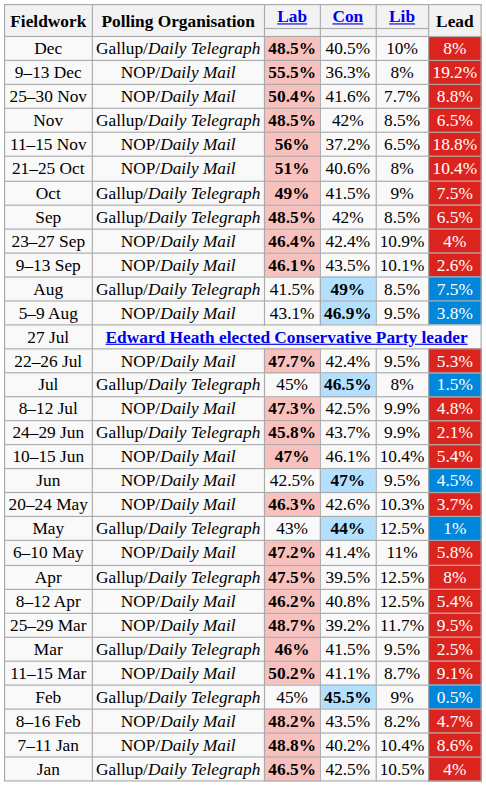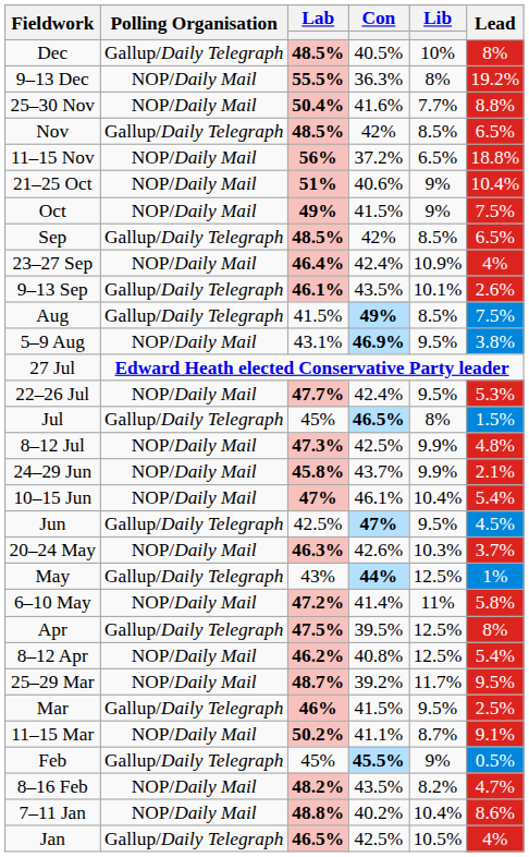 <table class="wikitable" style="text-align: center; line-height: 14px; font-size: 95%;">
 <tr>
 <th rowspan="2">Fieldwork</th>
 <th rowspan="2">Polling Organisation</th>
 <th><a href='#'>Lab</a></th>
 <th><a href='#'>Con</a></th>
 <th><a href='#'>Lib</a></th>
 <th class="unsortable" style="width:20px;" rowspan="2">Lead</th>
 </tr>
 <tr>
 <th style="background:"></th>
 <th style="background:"></th>
 <th style="background:"></th>
 </tr>
 <tr>
 <td>Dec</td>
 <td>Gallup/<em>Daily Telegraph</em></td>
 <td style="background:#F8C1BE"><strong>48.5%</strong></td>
 <td>40.5%</td>
 <td>10%</td>
 <td style="background:#DC241F; color:white;">8%</td>
 </tr>
 <tr>
 <td>9–13 Dec</td>
 <td>NOP/<em>Daily Mail</em></td>
 <td style="background:#F8C1BE"><strong>55.5%</strong></td>
 <td>36.3%</td>
 <td>8%</td>
 <td style="background:#DC241F; color:white;">19.2%</td>
 </tr>
 <tr>
 <td>25–30 Nov</td>
 <td>NOP/<em>Daily Mail</em></td>
 <td style="background:#F8C1BE"><strong>50.4%</strong></td>
 <td>41.6%</td>
 <td>7.7%</td>
 <td style="background:#DC241F; color:white;">8.8%</td>
 </tr>
 <tr>
 <td>Nov</td>
 <td>Gallup/<em>Daily Telegraph</em></td>
 <td style="background:#F8C1BE"><strong>48.5%</strong></td>
 <td>42%</td>
 <td>8.5%</td>
 <td style="background:#DC241F; color:white;">6.5%</td>
 </tr>
 <tr>
 <td>11–15 Nov</td>
 <td>NOP/<em>Daily Mail</em></td>
 <td style="background:#F8C1BE"><strong>56%</strong></td>
 <td>37.2%</td>
 <td>6.5%</td>
 <td style="background:#DC241F; color:white;">18.8%</td>
 </tr>
 <tr>
 <td>21–25 Oct</td>
 <td>NOP/<em>Daily Mail</em></td>
 <td style="background:#F8C1BE"><strong>51%</strong></td>
 <td>40.6%</td>
-<td>8%</td>
+<td>9%</td>
 <td style="background:#DC241F; color:white;">10.4%</td>
 </tr>
 <tr>
 <td>Oct</td>
-<td>Gallup/<em>Daily Telegraph</em></td>
+<td>NOP/<em>Daily Mail</em></td>
 <td style="background:#F8C1BE"><strong>49%</strong></td>
 <td>41.5%</td>
 <td>9%</td>
 <td style="background:#DC241F; color:white;">7.5%</td>
 </tr>
 <tr>
 <td>Sep</td>
 <td>Gallup/<em>Daily Telegraph</em></td>
 <td style="background:#F8C1BE"><strong>48.5%</strong></td>
 <td>42%</td>
 <td>8.5%</td>
 <td style="background:#DC241F; color:white;">6.5%</td>
 </tr>
 <tr>
 <td>23–27 Sep</td>
 <td>NOP/<em>Daily Mail</em></td>
 <td style="background:#F8C1BE"><strong>46.4%</strong></td>
 <td>42.4%</td>
 <td>10.9%</td>
 <td style="background:#DC241F; color:white;">4%</td>
 </tr>
 <tr>
 <td>9–13 Sep</td>
-<td>NOP/<em>Daily Mail</em></td>
+<td>Gallup/<em>Daily Telegraph</em></td>
 <td style="background:#F8C1BE"><strong>46.1%</strong></td>
 <td>43.5%</td>
 <td>10.1%</td>
 <td style="background:#DC241F; color:white;">2.6%</td>
 </tr>
 <tr>
 <td>Aug</td>
 <td>Gallup/<em>Daily Telegraph</em></td>
 <td>41.5%</td>
 <td style="background:#B3E0FF"><strong>49%</strong></td>
 <td>8.5%</td>
 <td style="background:#0087DC; color:white;">7.5%</td>
 </tr>
 <tr>
 <td>5–9 Aug</td>
 <td>NOP/<em>Daily Mail</em></td>
 <td>43.1%</td>
 <td style="background:#B3E0FF"><strong>46.9%</strong></td>
 <td>9.5%</td>
 <td style="background:#0087DC; color:white;">3.8%</td>
 </tr>
 <tr>
 <td>27 Jul</td>
 <td colspan="5"><strong><a href='#'>Edward Heath elected Conservative Party leader</a></strong></td>
 </tr>
 <tr>
 <td>22–26 Jul</td>
 <td>NOP/<em>Daily Mail</em></td>
 <td style="background:#F8C1BE"><strong>47.7%</strong></td>
 <td>42.4%</td>
 <td>9.5%</td>
 <td style="background:#DC241F; color:white;">5.3%</td>
 </tr>
 <tr>
 <td>Jul</td>
 <td>Gallup/<em>Daily Telegraph</em></td>
 <td>45%</td>
 <td style="background:#B3E0FF"><strong>46.5%</strong></td>
 <td>8%</td>
 <td style="background:#0087DC; color:white;">1.5%</td>
 </tr>
 <tr>
 <td>8–12 Jul</td>
 <td>NOP/<em>Daily Mail</em></td>
 <td style="background:#F8C1BE"><strong>47.3%</strong></td>
 <td>42.5%</td>
 <td>9.9%</td>
 <td style="background:#DC241F; color:white;">4.8%</td>
 </tr>
 <tr>
 <td>24–29 Jun</td>
-<td>Gallup/<em>Daily Telegraph</em></td>
+<td>NOP/<em>Daily Mail</em></td>
 <td style="background:#F8C1BE"><strong>45.8%</strong></td>
 <td>43.7%</td>
 <td>9.9%</td>
 <td style="background:#DC241F; color:white;">2.1%</td>
 </tr>
 <tr>
 <td>10–15 Jun</td>
 <td>NOP/<em>Daily Mail</em></td>
 <td style="background:#F8C1BE"><strong>47%</strong></td>
 <td>46.1%</td>
 <td>10.4%</td>
 <td style="background:#DC241F; color:white;">5.4%</td>
 </tr>
 <tr>
 <td>Jun</td>
-<td>NOP/<em>Daily Mail</em></td>
+<td>Gallup/<em>Daily Telegraph</em></td>
 <td>42.5%</td>
 <td style="background:#B3E0FF"><strong>47%</strong></td>
 <td>9.5%</td>
 <td style="background:#0087DC; color:white;">4.5%</td>
 </tr>
 <tr>
 <td>20–24 May</td>
 <td>NOP/<em>Daily Mail</em></td>
 <td style="background:#F8C1BE"><strong>46.3%</strong></td>
 <td>42.6%</td>
 <td>10.3%</td>
 <td style="background:#DC241F; color:white;">3.7%</td>
 </tr>
 <tr>
 <td>May</td>
 <td>Gallup/<em>Daily Telegraph</em></td>
 <td>43%</td>
 <td style="background:#B3E0FF"><strong>44%</strong></td>
 <td>12.5%</td>
 <td style="background:#0087DC; color:white;">1%</td>
 </tr>
 <tr>
 <td>6–10 May</td>
 <td>NOP/<em>Daily Mail</em></td>
 <td style="background:#F8C1BE"><strong>47.2%</strong></td>
 <td>41.4%</td>
 <td>11%</td>
 <td style="background:#DC241F; color:white;">5.8%</td>
 </tr>
 <tr>
 <td>Apr</td>
 <td>Gallup/<em>Daily Telegraph</em></td>
 <td style="background:#F8C1BE"><strong>47.5%</strong></td>
 <td>39.5%</td>
 <td>12.5%</td>
 <td style="background:#DC241F; color:white;">8%</td>
 </tr>
 <tr>
 <td>8–12 Apr</td>
 <td>NOP/<em>Daily Mail</em></td>
 <td style="background:#F8C1BE"><strong>46.2%</strong></td>
 <td>40.8%</td>
 <td>12.5%</td>
 <td style="background:#DC241F; color:white;">5.4%</td>
 </tr>
 <tr>
 <td>25–29 Mar</td>
 <td>NOP/<em>Daily Mail</em></td>
 <td style="background:#F8C1BE"><strong>48.7%</strong></td>
 <td>39.2%</td>
 <td>11.7%</td>
 <td style="background:#DC241F; color:white;">9.5%</td>
 </tr>
 <tr>
 <td>Mar</td>
 <td>Gallup/<em>Daily Telegraph</em></td>
 <td style="background:#F8C1BE"><strong>46%</strong></td>
 <td>41.5%</td>
 <td>9.5%</td>
 <td style="background:#DC241F; color:white;">2.5%</td>
 </tr>
 <tr>
 <td>11–15 Mar</td>
 <td>NOP/<em>Daily Mail</em></td>
 <td style="background:#F8C1BE"><strong>50.2%</strong></td>
 <td>41.1%</td>
 <td>8.7%</td>
 <td style="background:#DC241F; color:white;">9.1%</td>
 </tr>
 <tr>
 <td>Feb</td>
 <td>Gallup/<em>Daily Telegraph</em></td>
 <td>45%</td>
 <td style="background:#B3E0FF"><strong>45.5%</strong></td>
 <td>9%</td>
 <td style="background:#0087DC; color:white;">0.5%</td>
 </tr>
 <tr>
 <td>8–16 Feb</td>
 <td>NOP/<em>Daily Mail</em></td>
 <td style="background:#F8C1BE"><strong>48.2%</strong></td>
 <td>43.5%</td>
 <td>8.2%</td>
 <td style="background:#DC241F; color:white;">4.7%</td>
 </tr>
 <tr>
 <td>7–11 Jan</td>
 <td>NOP/<em>Daily Mail</em></td>
 <td style="background:#F8C1BE"><strong>48.8%</strong></td>
 <td>40.2%</td>
 <td>10.4%</td>
 <td style="background:#DC241F; color:white;">8.6%</td>
 </tr>
 <tr>
 <td>Jan</td>
 <td>Gallup/<em>Daily Telegraph</em></td>
 <td style="background:#F8C1BE"><strong>46.5%</strong></td>
 <td>42.5%</td>
 <td>10.5%</td>
 <td style="background:#DC241F; color:white;">4%</td>
 </tr>
 </table>
